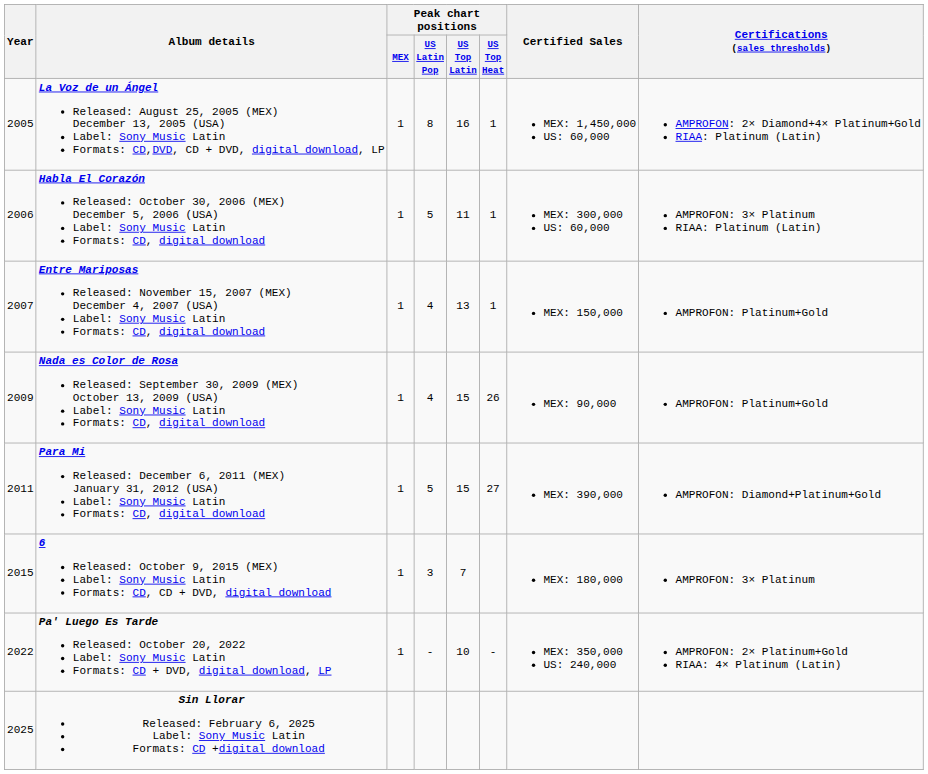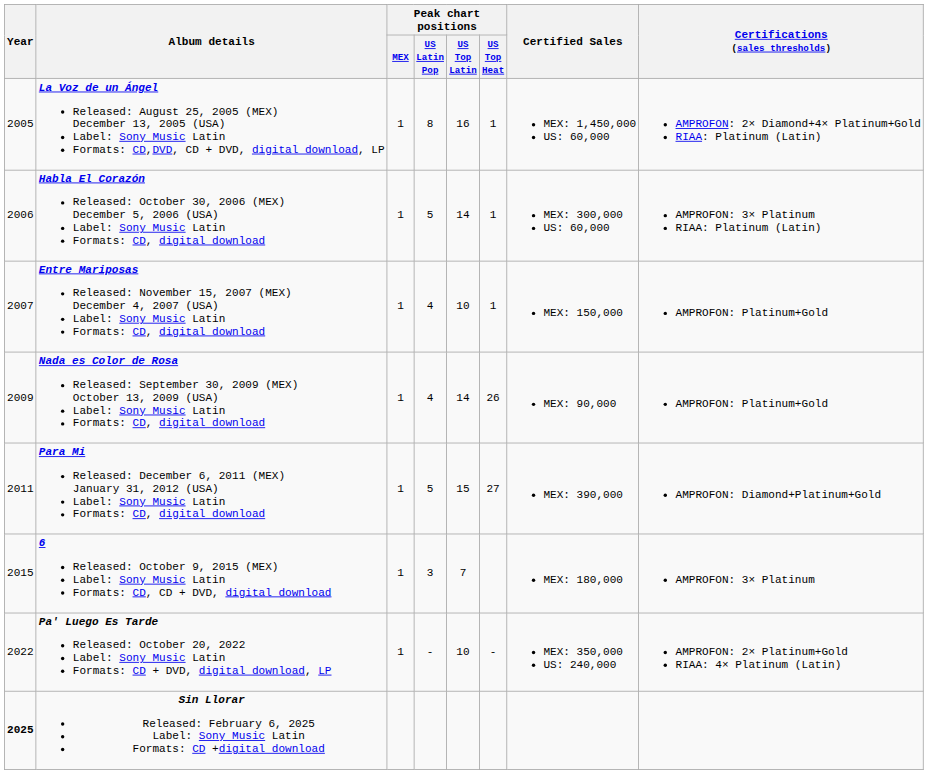 <table class="wikitable" style="text-align:center;">
 <tr>
 <th rowspan=2>Year</th>
 <th rowspan=2>Album details</th>
 <th colspan=4>Peak chart positions</th>
 <th rowspan=2>Certified Sales</th>
 <th rowspan=2><a href='#'>Certifications</a><br><small>(<a href='#'>sales thresholds</a>)</small><br></th>
 </tr>
 <tr>
 <th width=25><small><a href='#'>MEX</a></small></th>
 <th width=25><small><a href='#'>US Latin Pop</a></small></th>
 <th width=25><small><a href='#'>US Top Latin</a></small></th>
 <th width=25><small><a href='#'>US Top Heat</a></small></th>
 </tr>
 <tr>
 <td>2005</td>
 <td align=left><strong><em><a href='#'>La Voz de un Ángel</a></em></strong><br><ul><li>Released: August 25, 2005 (MEX)<br>December 13, 2005 (USA)</li><li>Label: <a href='#'>Sony Music</a> Latin</li><li>Formats: <a href='#'>CD</a>,<a href='#'>DVD</a>, CD + DVD, <a href='#'>digital download</a>, LP</li></ul></td>
 <td>1</td>
 <td>8</td>
 <td>16</td>
 <td>1</td>
 <td align=left><br><ul><li>MEX: 1,450,000</li><li>US: 60,000</li></ul></td>
 <td align=left><br><ul><li><a href='#'>AMPROFON</a>: 2× Diamond+4× Platinum+Gold</li><li><a href='#'>RIAA</a>: Platinum (Latin)</li></ul></td>
 </tr>
 <tr>
 <td>2006</td>
 <td align=left><strong><em><a href='#'>Habla El Corazón</a></em></strong><br><ul><li>Released: October 30, 2006 (MEX)<br>December 5, 2006 (USA)</li><li>Label: <a href='#'>Sony Music</a> Latin</li><li>Formats: <a href='#'>CD</a>, <a href='#'>digital download</a></li></ul></td>
 <td>1</td>
 <td>5</td>
-<td>11</td>
+<td>14</td>
 <td>1</td>
 <td align=left><br><ul><li>MEX: 300,000</li><li>US: 60,000</li></ul></td>
 <td align=left><br><ul><li>AMPROFON: 3× Platinum</li><li>RIAA: Platinum (Latin)</li></ul></td>
 </tr>
 <tr>
 <td>2007</td>
 <td align=left><strong><em><a href='#'>Entre Mariposas</a></em></strong><br><ul><li>Released: November 15, 2007 (MEX)<br>December 4, 2007 (USA)</li><li>Label: <a href='#'>Sony Music</a> Latin</li><li>Formats: <a href='#'>CD</a>, <a href='#'>digital download</a></li></ul></td>
 <td>1</td>
 <td>4</td>
-<td>13</td>
+<td>10</td>
 <td>1</td>
 <td align=left><br><ul><li>MEX: 150,000</li></ul></td>
 <td align=left><br><ul><li>AMPROFON: Platinum+Gold</li></ul></td>
 </tr>
 <tr>
 <td>2009</td>
 <td align=left><strong><em><a href='#'>Nada es Color de Rosa</a></em></strong><br><ul><li>Released: September 30, 2009 (MEX)<br>October 13, 2009 (USA)</li><li>Label: <a href='#'>Sony Music</a> Latin</li><li>Formats: <a href='#'>CD</a>, <a href='#'>digital download</a></li></ul></td>
 <td>1</td>
 <td>4</td>
-<td>15</td>
+<td>14</td>
 <td>26</td>
 <td align=left><br><ul><li>MEX: 90,000</li></ul></td>
 <td align=left><br><ul><li>AMPROFON: Platinum+Gold</li></ul></td>
 </tr>
 <tr>
 <td>2011</td>
 <td align=left><strong><em><a href='#'>Para Mi</a></em></strong><br><ul><li>Released: December 6, 2011 (MEX)<br>January 31, 2012 (USA)</li><li>Label: <a href='#'>Sony Music</a> Latin</li><li>Formats: <a href='#'>CD</a>, <a href='#'>digital download</a></li></ul></td>
 <td>1</td>
 <td>5</td>
 <td>15</td>
 <td>27</td>
 <td align=left><br><ul><li>MEX: 390,000</li></ul></td>
 <td align=left><br><ul><li>AMPROFON: Diamond+Platinum+Gold</li></ul></td>
 </tr>
 <tr>
 <td>2015</td>
 <td align=left><strong><em><a href='#'>6</a></em></strong><br><ul><li>Released: October 9, 2015 (MEX)</li><li>Label: <a href='#'>Sony Music</a> Latin</li><li>Formats: <a href='#'>CD</a>, CD + DVD, <a href='#'>digital download</a></li></ul></td>
 <td>1</td>
 <td>3</td>
 <td>7</td>
 <td></td>
 <td align=left><br><ul><li>MEX: 180,000</li></ul></td>
 <td align=left><br><ul><li>AMPROFON: 3× Platinum</li></ul></td>
 </tr>
 <tr id="Pa' Luego Es Tarde">
 <td>2022</td>
 <td align=left><strong><em>Pa' Luego Es Tarde</em></strong><br><ul><li>Released: October 20, 2022</li><li>Label: <a href='#'>Sony Music</a> Latin</li><li>Formats: <a href='#'>CD</a> + DVD, <a href='#'>digital download</a>, <a href='#'>LP</a></li></ul></td>
 <td>1</td>
 <td>-</td>
 <td>10</td>
 <td>-</td>
 <td align=left><br><ul><li>MEX: 350,000</li><li>US: 240,000</li></ul></td>
 <td align=left><br><ul><li>AMPROFON: 2× Platinum+Gold </li><li>RIAA: 4× Platinum (Latin)</li></ul></td>
 </tr>
 <tr>
-<td>2025</td>
+<td><strong>2025</strong></td>
 <td><strong><em>Sin Llorar</em></strong><br><ul><li>Released: February 6, 2025</li><li>Label: <a href='#'>Sony Music</a> Latin</li><li>Formats: <a href='#'>CD</a> +<a href='#'>digital download</a></li></ul></td>
 <td></td>
 <td></td>
 <td></td>
 <td></td>
 <td></td>
 <td></td>
 </tr>
 </table>
